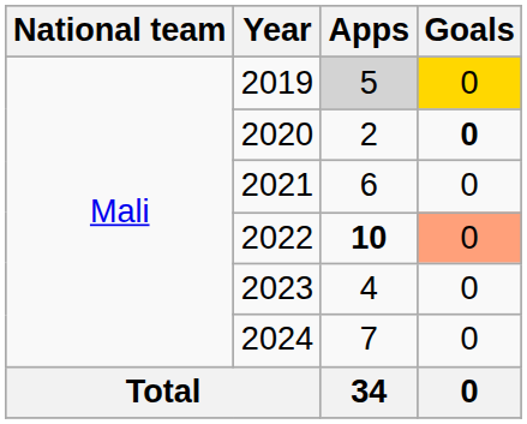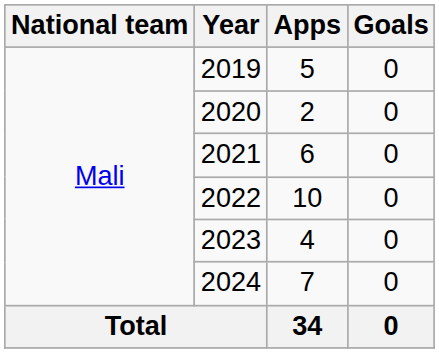 <table class="wikitable" style="text-align:center">
 <tr>
 <th>National team</th>
 <th>Year</th>
 <th>Apps</th>
 <th>Goals</th>
 </tr>
 <tr>
 <td rowspan="6"><a href='#'>Mali</a></td>
 <td>2019</td>
-<td style="background: lightgrey;">5</td>
-<td style="background: gold;">0</td>
+<td>5</td>
+<td>0</td>
 </tr>
 <tr>
 <td>2020</td>
 <td>2</td>
-<td><strong>0</strong></td>
+<td>0</td>
 </tr>
 <tr>
 <td>2021</td>
 <td>6</td>
 <td>0</td>
 </tr>
 <tr>
 <td>2022</td>
-<td><strong>10</strong></td>
-<td style="background: lightsalmon;">0</td>
+<td>10</td>
+<td>0</td>
 </tr>
 <tr>
 <td>2023</td>
 <td>4</td>
 <td>0</td>
 </tr>
 <tr>
 <td>2024</td>
 <td>7</td>
 <td>0</td>
 </tr>
 <tr>
 <th colspan="2">Total</th>
 <th>34</th>
 <th>0</th>
 </tr>
 </table>
